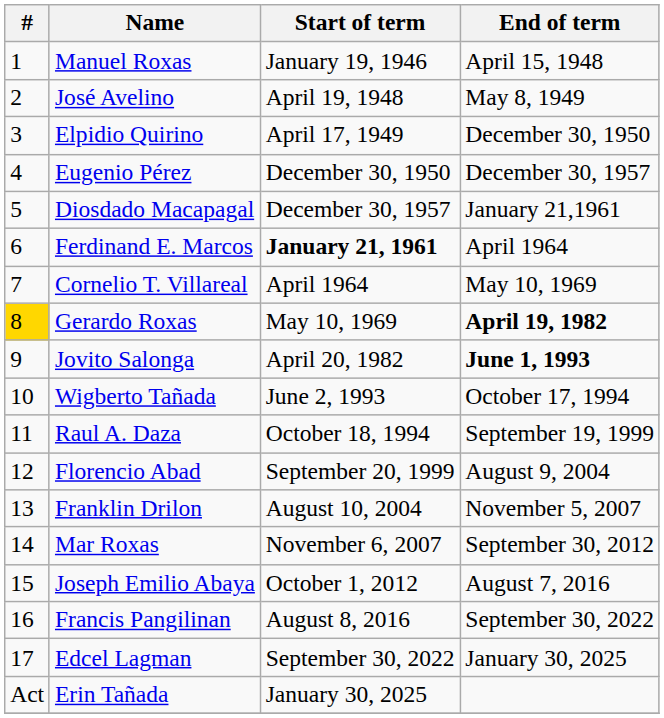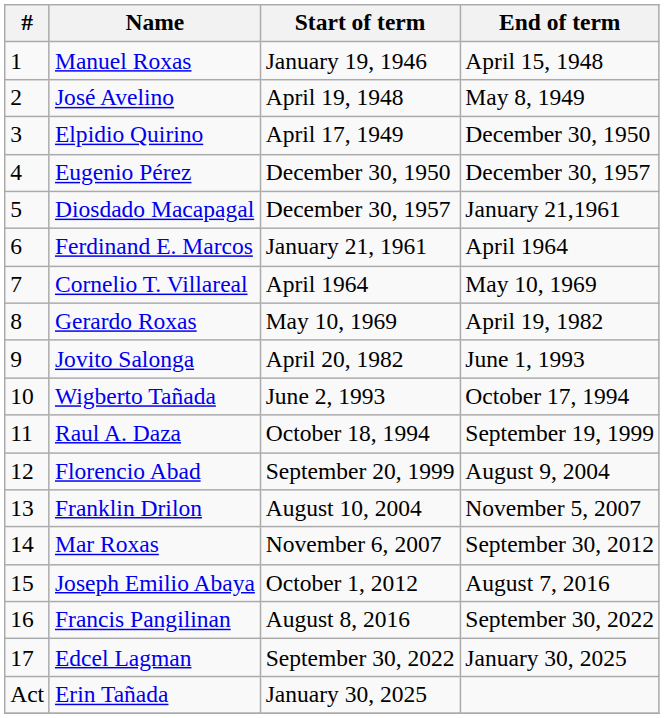 <table class="wikitable sortable">
 <tr>
 <th>#</th>
 <th>Name</th>
 <th>Start of term</th>
 <th>End of term</th>
 </tr>
 <tr>
 <td>1</td>
 <td><a href='#'>Manuel Roxas</a></td>
 <td>January 19, 1946</td>
 <td>April 15, 1948</td>
 </tr>
 <tr>
 <td>2</td>
 <td><a href='#'>José Avelino</a></td>
 <td>April 19, 1948</td>
 <td>May 8, 1949</td>
 </tr>
 <tr>
 <td>3</td>
 <td><a href='#'>Elpidio Quirino</a></td>
 <td>April 17, 1949</td>
 <td>December 30, 1950</td>
 </tr>
 <tr>
 <td>4</td>
 <td><a href='#'>Eugenio Pérez</a></td>
 <td>December 30, 1950</td>
 <td>December 30, 1957</td>
 </tr>
 <tr>
 <td>5</td>
 <td><a href='#'>Diosdado Macapagal</a></td>
 <td>December 30, 1957</td>
 <td>January 21,1961</td>
 </tr>
 <tr>
 <td>6</td>
 <td><a href='#'>Ferdinand E. Marcos</a></td>
-<td><strong>January 21, 1961</strong></td>
+<td>January 21, 1961</td>
 <td>April 1964</td>
 </tr>
 <tr>
 <td>7</td>
 <td><a href='#'>Cornelio T. Villareal</a></td>
 <td>April 1964</td>
 <td>May 10, 1969</td>
 </tr>
 <tr>
-<td style="background: gold;">8</td>
+<td>8</td>
 <td><a href='#'>Gerardo Roxas</a></td>
 <td>May 10, 1969</td>
-<td><strong>April 19, 1982</strong></td>
+<td>April 19, 1982</td>
 </tr>
 <tr>
 <td>9</td>
 <td><a href='#'>Jovito Salonga</a></td>
 <td>April 20, 1982</td>
-<td><strong>June 1, 1993</strong></td>
+<td>June 1, 1993</td>
 </tr>
 <tr>
 <td>10</td>
 <td><a href='#'>Wigberto Tañada</a></td>
 <td>June 2, 1993</td>
 <td>October 17, 1994</td>
 </tr>
 <tr>
 <td>11</td>
 <td><a href='#'>Raul A. Daza</a></td>
 <td>October 18, 1994</td>
 <td>September 19, 1999</td>
 </tr>
 <tr>
 <td>12</td>
 <td><a href='#'>Florencio Abad</a></td>
 <td>September 20, 1999</td>
 <td>August 9, 2004</td>
 </tr>
 <tr>
 <td>13</td>
 <td><a href='#'>Franklin Drilon</a></td>
 <td>August 10, 2004</td>
 <td>November 5, 2007</td>
 </tr>
 <tr>
 <td>14</td>
 <td><a href='#'>Mar Roxas</a></td>
 <td>November 6, 2007</td>
 <td>September 30, 2012</td>
 </tr>
 <tr>
 <td>15</td>
 <td><a href='#'>Joseph Emilio Abaya</a></td>
 <td>October 1, 2012</td>
 <td>August 7, 2016</td>
 </tr>
 <tr>
 <td>16</td>
 <td><a href='#'>Francis Pangilinan</a></td>
 <td>August 8, 2016</td>
 <td>September 30, 2022</td>
 </tr>
 <tr>
 <td>17</td>
 <td><a href='#'>Edcel Lagman</a></td>
 <td>September 30, 2022</td>
 <td>January 30, 2025</td>
 </tr>
 <tr>
 <td>Act</td>
 <td><a href='#'>Erin Tañada</a></td>
 <td>January 30, 2025</td>
 <td></td>
 </tr>
 <tr>
 </tr>
 </table>
